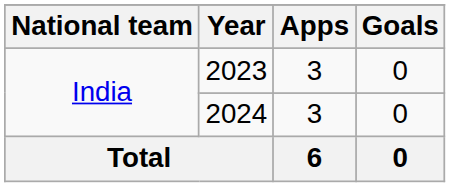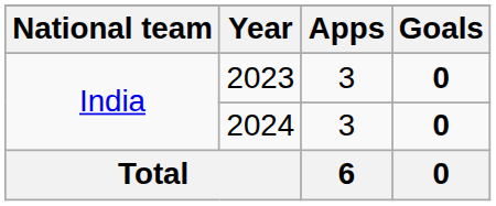 <table class="wikitable" style="text-align:center">
 <tr>
 </tr>
 <tr>
 <th>National team</th>
 <th>Year</th>
 <th>Apps</th>
 <th>Goals</th>
 </tr>
 <tr>
 <td rowspan="2"><a href='#'>India</a></td>
 <td>2023</td>
 <td>3</td>
-<td>0</td>
+<td><strong>0</strong></td>
 </tr>
 <tr>
 <td>2024</td>
 <td>3</td>
-<td>0</td>
+<td><strong>0</strong></td>
 </tr>
 <tr>
 <th colspan="2">Total</th>
 <th>6</th>
 <th>0</th>
 </tr>
 </table>
